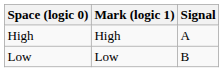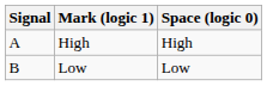 <table class="wikitable">
 <tr>
+<th>Signal</th>
+<th>Mark (logic 1)</th>
 <th>Space (logic 0)</th>
-<th>Mark (logic 1)</th>
-<th>Signal</th>
 </tr>
 <tr>
+<td>A</td>
 <td>High</td>
 <td>High</td>
-<td>A</td>
 </tr>
 <tr>
+<td>B</td>
 <td>Low</td>
 <td>Low</td>
-<td>B</td>
 </tr>
 </table>
